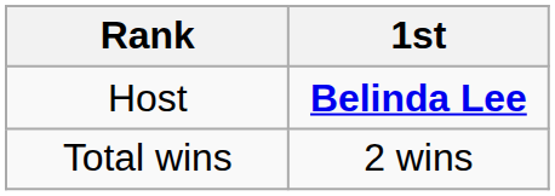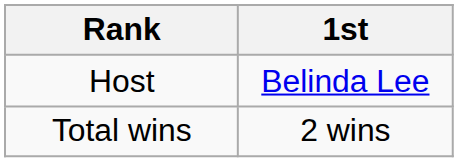 <table class="wikitable" border="1">
 <tr>
 <th width="110">Rank</th>
 <th width="100">1st</th>
 </tr>
 <tr align=center>
 <td>Host</td>
-<td><strong><a href='#'>Belinda Lee</a></strong></td>
+<td><a href='#'>Belinda Lee</a></td>
 </tr>
 <tr align=center>
 <td>Total wins</td>
 <td>2 wins</td>
 </tr>
 </table>
